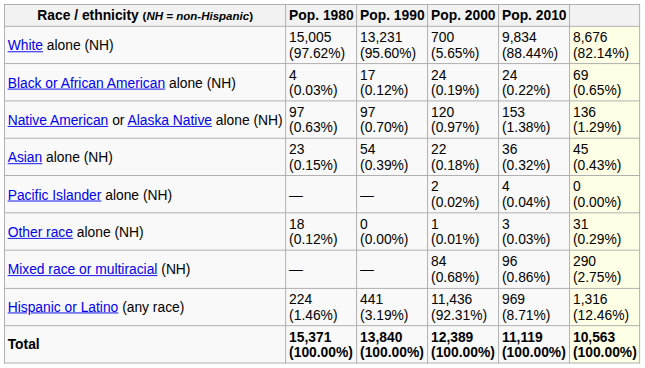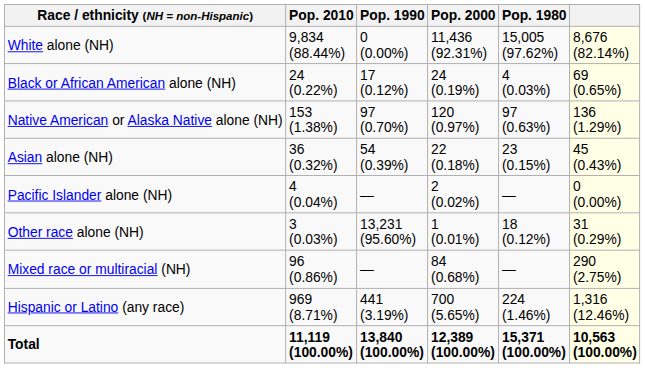 <table class="wikitable sortable collapsible" style="font-size: 95%;">
 <tr>
 <th>Race / ethnicity <small>(<em>NH = non-Hispanic</em>)</small></th>
-<th>Pop. 1980</th>
+<th>Pop. 2010</th>
 <th>Pop. 1990</th>
 <th>Pop. 2000</th>
-<th>Pop. 2010</th>
+<th>Pop. 1980</th>
 <th></th>
 </tr>
 <tr>
 <td><a href='#'>White</a> alone (NH)</td>
+<td>9,834<br>(88.44%)</td>
+<td>0<br>(0.00%)</td>
+<td>11,436<br>(92.31%)</td>
 <td>15,005<br>(97.62%)</td>
-<td>13,231<br>(95.60%)</td>
-<td>700<br>(5.65%)</td>
-<td>9,834<br>(88.44%)</td>
 <td style='background: #ffffe6;'>8,676<br>(82.14%)</td>
 </tr>
 <tr>
 <td><a href='#'>Black or African American</a> alone (NH)</td>
-<td>4<br>(0.03%)</td>
+<td>24<br>(0.22%)</td>
 <td>17<br>(0.12%)</td>
 <td>24<br>(0.19%)</td>
-<td>24<br>(0.22%)</td>
+<td>4<br>(0.03%)</td>
 <td style='background: #ffffe6;'>69<br>(0.65%)</td>
 </tr>
 <tr>
 <td><a href='#'>Native American</a> or <a href='#'>Alaska Native</a> alone (NH)</td>
-<td>97<br>(0.63%)</td>
+<td>153<br>(1.38%)</td>
 <td>97<br>(0.70%)</td>
 <td>120<br>(0.97%)</td>
-<td>153<br>(1.38%)</td>
+<td>97<br>(0.63%)</td>
 <td style='background: #ffffe6;'>136<br>(1.29%)</td>
 </tr>
 <tr>
 <td><a href='#'>Asian</a> alone (NH)</td>
-<td>23<br>(0.15%)</td>
+<td>36<br>(0.32%)</td>
 <td>54<br>(0.39%)</td>
 <td>22<br>(0.18%)</td>
-<td>36<br>(0.32%)</td>
+<td>23<br>(0.15%)</td>
 <td style='background: #ffffe6;'>45<br>(0.43%)</td>
 </tr>
 <tr>
 <td><a href='#'>Pacific Islander</a> alone (NH)</td>
-<td>—</td>
+<td>4<br>(0.04%)</td>
 <td>—</td>
 <td>2<br>(0.02%)</td>
-<td>4<br>(0.04%)</td>
+<td>—</td>
 <td style='background: #ffffe6;'>0<br>(0.00%)</td>
 </tr>
 <tr>
 <td><a href='#'>Other race</a> alone (NH)</td>
+<td>3<br>(0.03%)</td>
+<td>13,231<br>(95.60%)</td>
+<td>1<br>(0.01%)</td>
 <td>18<br>(0.12%)</td>
-<td>0<br>(0.00%)</td>
-<td>1<br>(0.01%)</td>
-<td>3<br>(0.03%)</td>
 <td style='background: #ffffe6;'>31<br>(0.29%)</td>
 </tr>
 <tr>
 <td><a href='#'>Mixed race or multiracial</a> (NH)</td>
-<td>—</td>
+<td>96<br>(0.86%)</td>
 <td>—</td>
 <td>84<br>(0.68%)</td>
-<td>96<br>(0.86%)</td>
+<td>—</td>
 <td style='background: #ffffe6;'>290<br>(2.75%)</td>
 </tr>
 <tr>
 <td><a href='#'>Hispanic or Latino</a> (any race)</td>
+<td>969<br>(8.71%)</td>
+<td>441<br>(3.19%)</td>
+<td>700<br>(5.65%)</td>
 <td>224<br>(1.46%)</td>
-<td>441<br>(3.19%)</td>
-<td>11,436<br>(92.31%)</td>
-<td>969<br>(8.71%)</td>
 <td style='background: #ffffe6;'>1,316<br>(12.46%)</td>
 </tr>
 <tr>
 <td><strong>Total</strong></td>
-<td><strong>15,371<br>(100.00%)</strong></td>
+<td><strong>11,119<br>(100.00%)</strong></td>
 <td><strong>13,840<br>(100.00%)</strong></td>
 <td><strong>12,389<br>(100.00%)</strong></td>
-<td><strong>11,119<br>(100.00%)</strong></td>
+<td><strong>15,371<br>(100.00%)</strong></td>
 <td style='background: #ffffe6;'><strong>10,563<br>(100.00%)</strong></td>
 </tr>
 </table>
